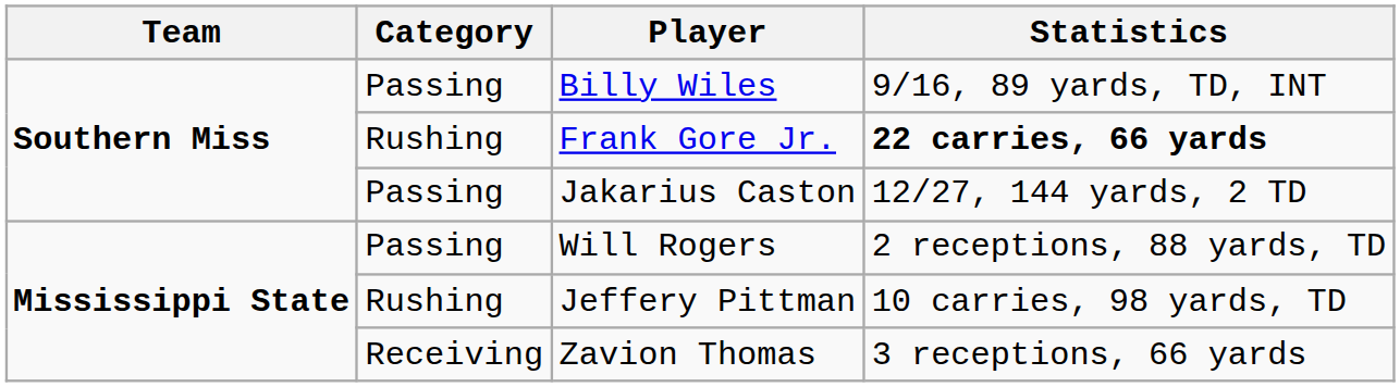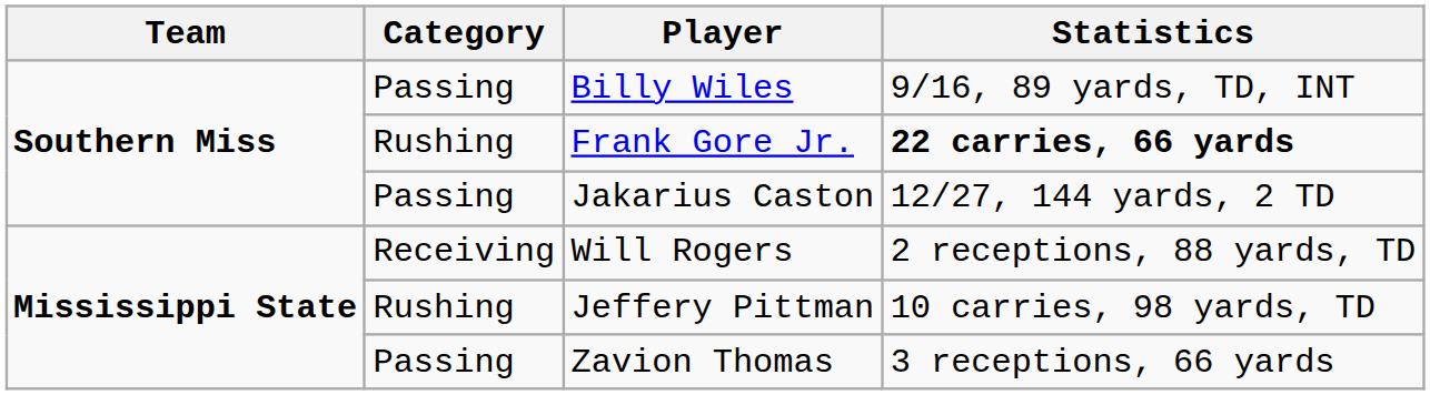 <table class="wikitable" style="float: right;">
 <tr>
 <th>Team</th>
 <th>Category</th>
 <th>Player</th>
 <th>Statistics</th>
 </tr>
 <tr>
 <td rowspan=3><strong>Southern Miss</strong></td>
 <td>Passing</td>
 <td><a href='#'>Billy Wiles</a></td>
 <td>9/16, 89 yards, TD, INT</td>
 </tr>
 <tr>
 <td>Rushing</td>
 <td><a href='#'>Frank Gore Jr.</a></td>
 <td><strong>22 carries, 66 yards</strong></td>
 </tr>
 <tr>
 <td>Passing</td>
 <td>Jakarius Caston</td>
 <td>12/27, 144 yards, 2 TD</td>
 </tr>
 <tr>
 <td rowspan=3><strong>Mississippi State</strong></td>
-<td>Passing</td>
+<td>Receiving</td>
 <td>Will Rogers</td>
 <td>2 receptions, 88 yards, TD</td>
 </tr>
 <tr>
 <td>Rushing</td>
 <td>Jeffery Pittman</td>
 <td>10 carries, 98 yards, TD</td>
 </tr>
 <tr>
-<td>Receiving</td>
+<td>Passing</td>
 <td>Zavion Thomas</td>
 <td>3 receptions, 66 yards</td>
 </tr>
 </table>
